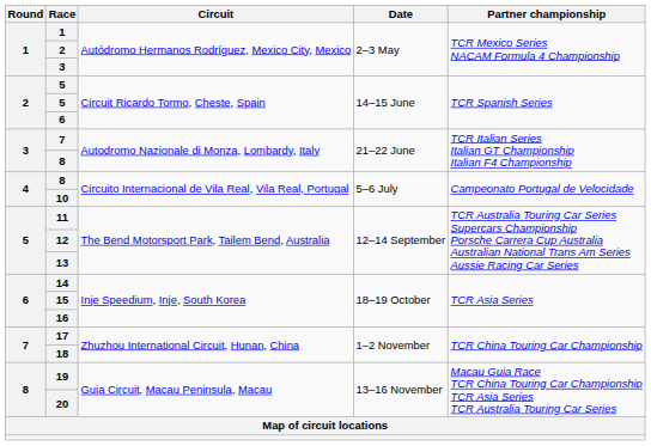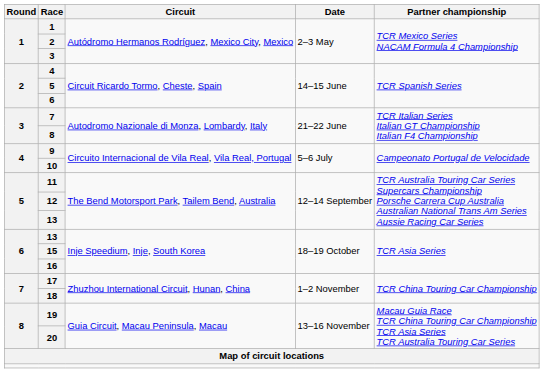 <table class="wikitable" style="font-size: 85%">
 <tr>
 <th>Round</th>
 <th>Race</th>
 <th>Circuit</th>
 <th>Date</th>
 <th>Partner championship</th>
 </tr>
 <tr>
 <th rowspan="3">1</th>
 <th>1</th>
 <td rowspan="3" nowrap> <a href='#'>Autódromo Hermanos Rodríguez</a>, <a href='#'>Mexico City</a>, <a href='#'>Mexico</a></td>
 <td rowspan="3">2–3 May</td>
 <td rowspan="3"><em><a href='#'>TCR Mexico Series</a><br><a href='#'>NACAM Formula 4 Championship</a></em></td>
 </tr>
 <tr>
 <th>2</th>
 </tr>
 <tr>
 <th>3</th>
 </tr>
 <tr>
 <th rowspan="3">2</th>
-<th>5</th>
+<th>4</th>
 <td rowspan="3"> <a href='#'>Circuit Ricardo Tormo</a>, <a href='#'>Cheste</a>, <a href='#'>Spain</a></td>
 <td rowspan="3">14–15 June</td>
 <td rowspan="3"><em><a href='#'>TCR Spanish Series</a></em></td>
 </tr>
 <tr>
 <th>5</th>
 </tr>
 <tr>
 <th>6</th>
 </tr>
 <tr>
 <th rowspan="2">3</th>
 <th>7</th>
 <td rowspan="2"> <a href='#'>Autodromo Nazionale di Monza</a>, <a href='#'>Lombardy</a>, <a href='#'>Italy</a></td>
 <td rowspan="2">21–22 June</td>
 <td rowspan="2"><em><a href='#'>TCR Italian Series</a><br><a href='#'>Italian GT Championship</a><br><a href='#'>Italian F4 Championship</a></em></td>
 </tr>
 <tr>
 <th>8</th>
 </tr>
 <tr>
 <th rowspan="2">4</th>
-<th>8</th>
+<th>9</th>
 <td rowspan="2"> <a href='#'>Circuito Internacional de Vila Real</a>, <a href='#'>Vila Real, Portugal</a></td>
 <td rowspan="2">5–6 July</td>
 <td rowspan="2"><em><a href='#'>Campeonato Portugal de Velocidade</a></em></td>
 </tr>
 <tr>
 <th>10</th>
 </tr>
 <tr>
 <th rowspan="3">5</th>
 <th>11</th>
 <td rowspan="3"> <a href='#'>The Bend Motorsport Park</a>, <a href='#'>Tailem Bend</a>, <a href='#'>Australia</a></td>
 <td rowspan="3" nowrap>12–14 September</td>
 <td rowspan="3" nowrap><em><a href='#'>TCR Australia Touring Car Series</a><br><a href='#'>Supercars Championship</a><br><a href='#'>Porsche Carrera Cup Australia</a><br><a href='#'>Australian National Trans Am Series</a><br><a href='#'>Aussie Racing Car Series</a></em></td>
 </tr>
 <tr>
 <th>12</th>
 </tr>
 <tr>
 <th>13</th>
 </tr>
 <tr>
 <th rowspan="3">6</th>
-<th>14</th>
+<th>13</th>
 <td rowspan="3"> <a href='#'>Inje Speedium</a>, <a href='#'>Inje</a>, <a href='#'>South Korea</a></td>
 <td rowspan="3">18–19 October</td>
 <td rowspan="3"><em><a href='#'>TCR Asia Series</a></em></td>
 </tr>
 <tr>
 <th>15</th>
 </tr>
 <tr>
 <th>16</th>
 </tr>
 <tr>
 <th rowspan="2">7</th>
 <th>17</th>
 <td rowspan="2"> <a href='#'>Zhuzhou International Circuit</a>, <a href='#'>Hunan</a>, <a href='#'>China</a></td>
 <td rowspan="2">1–2 November</td>
 <td rowspan="2"><em><a href='#'>TCR China Touring Car Championship</a></em></td>
 </tr>
 <tr>
 <th>18</th>
 </tr>
 <tr>
 <th rowspan="2">8</th>
 <th>19</th>
 <td rowspan="2"> <a href='#'>Guia Circuit</a>, <a href='#'>Macau Peninsula</a>, <a href='#'>Macau</a></td>
 <td rowspan="2">13–16 November</td>
 <td rowspan="2" nowrap><em><a href='#'>Macau Guia Race</a></em><br><em><a href='#'>TCR China Touring Car Championship</a></em><br><em><a href='#'>TCR Asia Series</a></em><br><em><a href='#'>TCR Australia Touring Car Series</a></em></td>
 </tr>
 <tr>
 <th>20</th>
 </tr>
 <tr>
 <th colspan=5>Map of circuit locations</th>
 </tr>
 <tr>
 <td colspan=5></td>
 </tr>
 </table>
